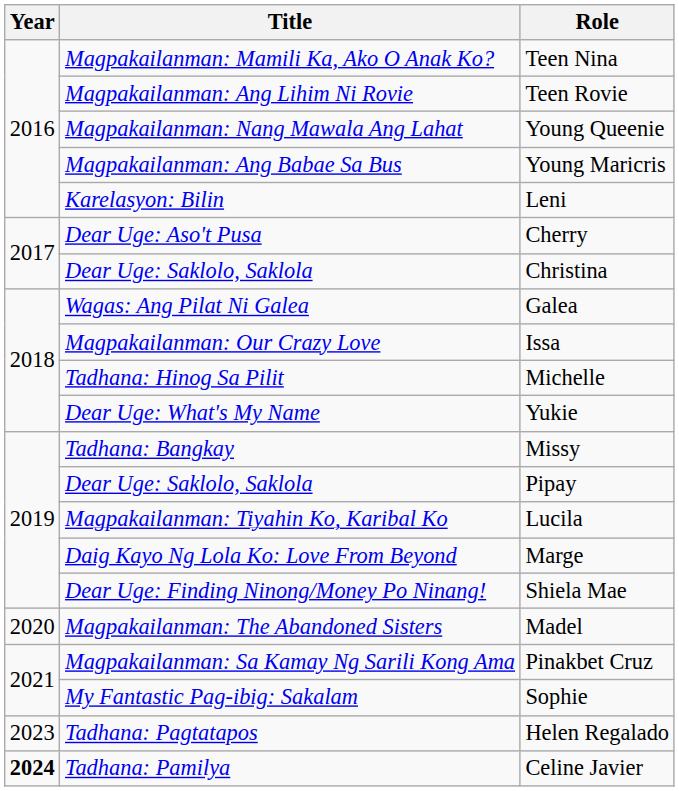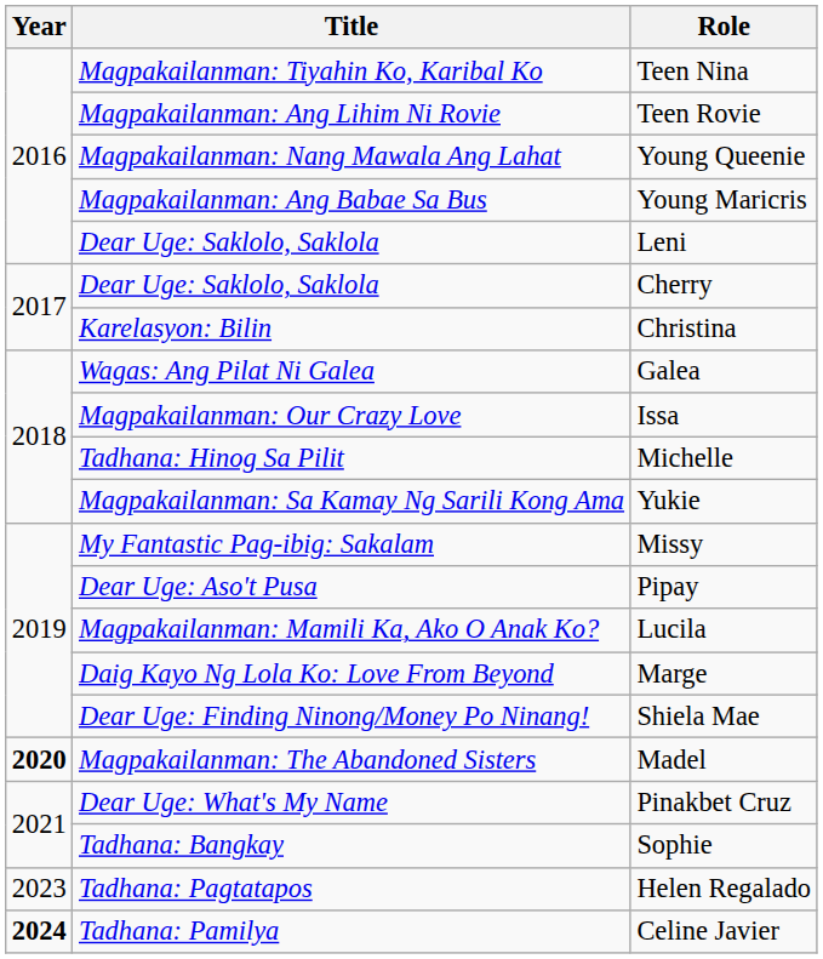 <table class = "wikitable sortable">
 <tr>
 <th>Year</th>
 <th>Title</th>
 <th>Role</th>
 </tr>
 <tr>
 <td rowspan="5">2016</td>
-<td><em><a href='#'>Magpakailanman: Mamili Ka, Ako O Anak Ko?</a></em></td>
+<td><em><a href='#'>Magpakailanman: Tiyahin Ko, Karibal Ko</a></em></td>
 <td>Teen Nina</td>
 </tr>
 <tr>
 <td><em><a href='#'>Magpakailanman: Ang Lihim Ni Rovie</a></em></td>
 <td>Teen Rovie</td>
 </tr>
 <tr>
 <td><em><a href='#'>Magpakailanman: Nang Mawala Ang Lahat</a></em></td>
 <td>Young Queenie</td>
 </tr>
 <tr>
 <td><em><a href='#'>Magpakailanman: Ang Babae Sa Bus</a></em></td>
 <td>Young Maricris</td>
 </tr>
 <tr>
-<td><em><a href='#'>Karelasyon: Bilin</a></em></td>
+<td><em><a href='#'>Dear Uge: Saklolo, Saklola</a></em></td>
 <td>Leni</td>
 </tr>
 <tr>
 <td rowspan="2">2017</td>
-<td><em><a href='#'>Dear Uge: Aso't Pusa</a></em></td>
+<td><em><a href='#'>Dear Uge: Saklolo, Saklola</a></em></td>
 <td>Cherry</td>
 </tr>
 <tr>
-<td><em><a href='#'>Dear Uge: Saklolo, Saklola</a></em></td>
+<td><em><a href='#'>Karelasyon: Bilin</a></em></td>
 <td>Christina</td>
 </tr>
 <tr>
 <td rowspan="4">2018</td>
 <td><em><a href='#'>Wagas: Ang Pilat Ni Galea</a></em></td>
 <td>Galea</td>
 </tr>
 <tr>
 <td><em><a href='#'>Magpakailanman: Our Crazy Love</a></em></td>
 <td>Issa</td>
 </tr>
 <tr>
 <td><em><a href='#'>Tadhana: Hinog Sa Pilit</a></em></td>
 <td>Michelle</td>
 </tr>
 <tr>
-<td><em><a href='#'>Dear Uge: What's My Name</a></em></td>
+<td><em><a href='#'>Magpakailanman: Sa Kamay Ng Sarili Kong Ama</a></em></td>
 <td>Yukie</td>
 </tr>
 <tr>
 <td rowspan="5">2019</td>
-<td><em><a href='#'>Tadhana: Bangkay</a></em></td>
+<td><em><a href='#'>My Fantastic Pag-ibig: Sakalam</a></em></td>
 <td>Missy</td>
 </tr>
 <tr>
-<td><em><a href='#'>Dear Uge: Saklolo, Saklola</a></em></td>
+<td><em><a href='#'>Dear Uge: Aso't Pusa</a></em></td>
 <td>Pipay</td>
 </tr>
 <tr>
-<td><em><a href='#'>Magpakailanman: Tiyahin Ko, Karibal Ko</a></em></td>
+<td><em><a href='#'>Magpakailanman: Mamili Ka, Ako O Anak Ko?</a></em></td>
 <td>Lucila</td>
 </tr>
 <tr>
 <td><em><a href='#'>Daig Kayo Ng Lola Ko: Love From Beyond</a></em></td>
 <td>Marge</td>
 </tr>
 <tr>
 <td><em><a href='#'>Dear Uge: Finding Ninong/Money Po Ninang!</a></em></td>
 <td>Shiela Mae</td>
 </tr>
 <tr>
-<td>2020</td>
+<td><strong>2020</strong></td>
 <td><em><a href='#'>Magpakailanman: The Abandoned Sisters</a></em></td>
 <td>Madel</td>
 </tr>
 <tr>
 <td rowspan="2">2021</td>
-<td><em><a href='#'>Magpakailanman: Sa Kamay Ng Sarili Kong Ama</a></em></td>
+<td><em><a href='#'>Dear Uge: What's My Name</a></em></td>
 <td>Pinakbet Cruz</td>
 </tr>
 <tr>
-<td><em><a href='#'>My Fantastic Pag-ibig: Sakalam</a></em></td>
+<td><em><a href='#'>Tadhana: Bangkay</a></em></td>
 <td>Sophie</td>
 </tr>
 <tr>
 <td>2023</td>
 <td><em><a href='#'>Tadhana: Pagtatapos</a></em></td>
 <td>Helen Regalado</td>
 </tr>
 <tr>
 <td><strong>2024</strong></td>
 <td><em><a href='#'>Tadhana: Pamilya</a></em></td>
 <td>Celine Javier</td>
 </tr>
 </table>
